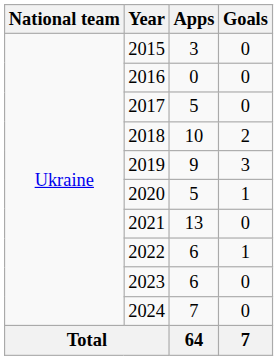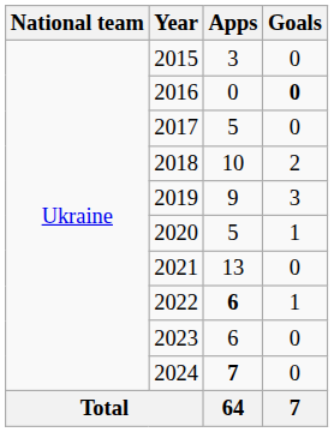 <table class=wikitable style=text-align:center>
 <tr>
 <th>National team</th>
 <th>Year</th>
 <th>Apps</th>
 <th>Goals</th>
 </tr>
 <tr>
 <td rowspan=10><a href='#'>Ukraine</a></td>
 <td>2015</td>
 <td>3</td>
 <td>0</td>
 </tr>
 <tr>
 <td>2016</td>
 <td>0</td>
-<td>0</td>
+<td><strong>0</strong></td>
 </tr>
 <tr>
 <td>2017</td>
 <td>5</td>
 <td>0</td>
 </tr>
 <tr>
 <td>2018</td>
 <td>10</td>
 <td>2</td>
 </tr>
 <tr>
 <td>2019</td>
 <td>9</td>
 <td>3</td>
 </tr>
 <tr>
 <td>2020</td>
 <td>5</td>
 <td>1</td>
 </tr>
 <tr>
 <td>2021</td>
 <td>13</td>
 <td>0</td>
 </tr>
 <tr>
 <td>2022</td>
-<td>6</td>
+<td><strong>6</strong></td>
 <td>1</td>
 </tr>
 <tr>
 <td>2023</td>
 <td>6</td>
 <td>0</td>
 </tr>
 <tr>
 <td>2024</td>
-<td>7</td>
+<td><strong>7</strong></td>
 <td>0</td>
 </tr>
 <tr>
 <th colspan=2>Total</th>
 <th>64</th>
 <th>7</th>
 </tr>
 </table>
